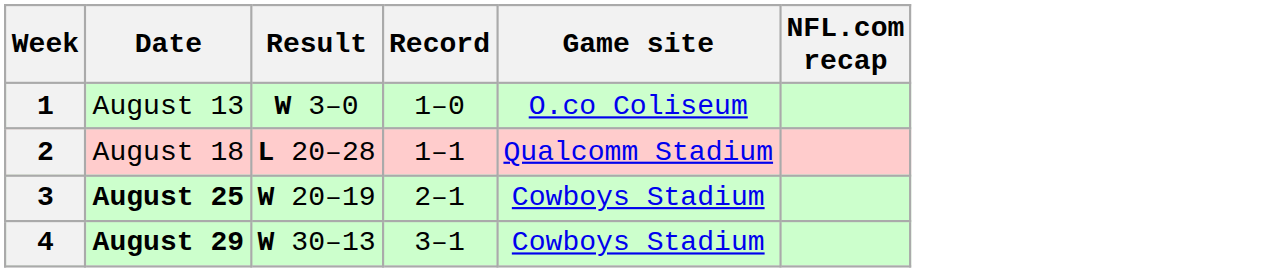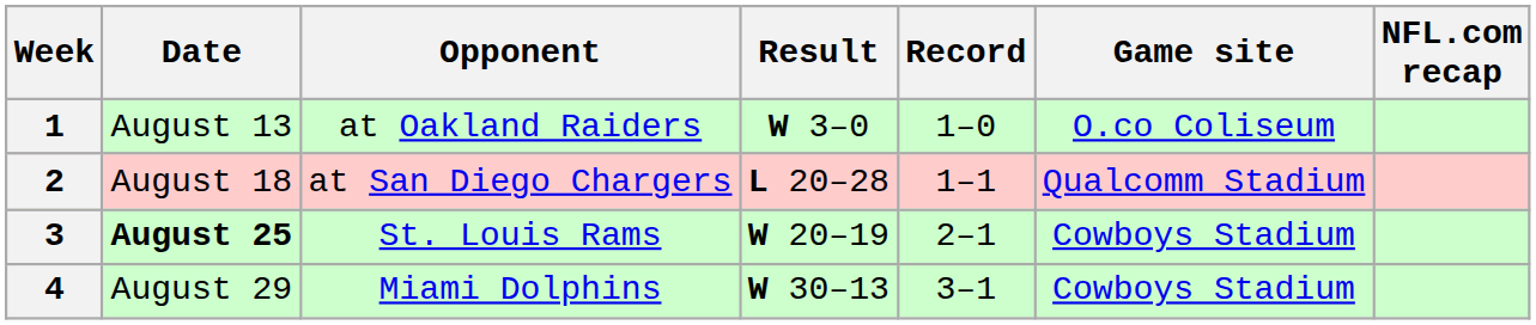 <table class="wikitable" style="text-align:center">
 <tr>
 <th>Week</th>
 <th>Date</th>
+<th>Opponent</th>
 <th>Result</th>
 <th>Record</th>
 <th>Game site</th>
 <th>NFL.com<br>recap</th>
 </tr>
 <tr style="background:#cfc; text-align:center;">
 <th>1</th>
 <td>August 13</td>
+<td>at <a href='#'>Oakland Raiders</a></td>
 <td><strong>W</strong> 3–0</td>
 <td>1–0</td>
 <td><a href='#'>O.co Coliseum</a></td>
 <td></td>
 </tr>
 <tr style="background:#fcc; text-align:center;">
 <th>2</th>
 <td>August 18</td>
+<td>at <a href='#'>San Diego Chargers</a></td>
 <td><strong>L</strong> 20–28</td>
 <td>1–1</td>
 <td><a href='#'>Qualcomm Stadium</a></td>
 <td></td>
 </tr>
 <tr style="background:#cfc; text-align:center;">
 <th>3</th>
 <td><strong>August 25</strong></td>
+<td><a href='#'>St. Louis Rams</a></td>
 <td><strong>W</strong> 20–19</td>
 <td>2–1</td>
 <td><a href='#'>Cowboys Stadium</a></td>
 <td></td>
 </tr>
 <tr style="background:#cfc; text-align:center;">
 <th>4</th>
-<td><strong>August 29</strong></td>
+<td>August 29</td>
+<td><a href='#'>Miami Dolphins</a></td>
 <td><strong>W</strong> 30–13</td>
 <td>3–1</td>
 <td><a href='#'>Cowboys Stadium</a></td>
 <td></td>
 </tr>
 </table>
